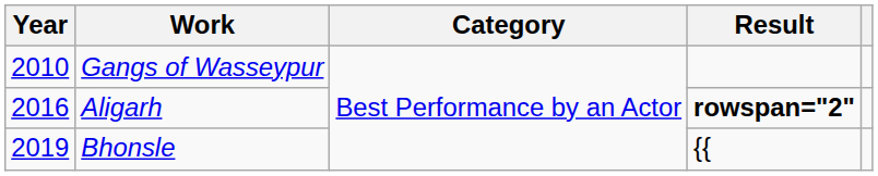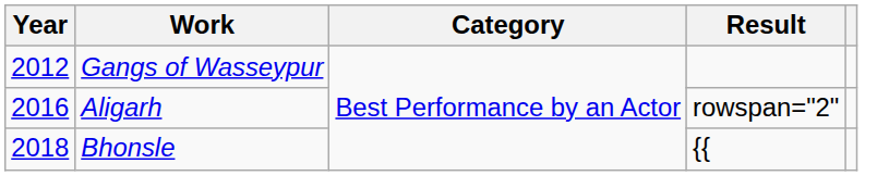 <table class="wikitable sortable"⁣>
 <tr ⁣>
 <th>Year⁣</th>
 <th>Work⁣</th>
 <th>Category⁣</th>
 <th>Result⁣</th>
 <th class="unsortable">⁣</th>
 </tr>
 <tr>
-<td><a href='#'>2010</a></td>
+<td><a href='#'>2012</a></td>
 <td><em><a href='#'>Gangs of Wasseypur</a></em>⁣</td>
 <td rowspan="3"><a href='#'>Best Performance by an Actor</a>⁣</td>
 <td>⁣</td>
 <td>⁣</td>
 </tr>
 <tr>
 <td><a href='#'>2016</a></td>
 <td><em><a href='#'>Aligarh</a></em>⁣</td>
-<td><strong>rowspan="2"⁣</strong></td>
+<td>rowspan="2"⁣</td>
 <td>⁣</td>
 </tr>
 <tr>
-<td><a href='#'>2019</a></td>
+<td><a href='#'>2018</a></td>
 <td><em><a href='#'>Bhonsle</a></em>⁣</td>
 <td>{{</td>
 <td>⁣</td>
 </tr>
 </table>
